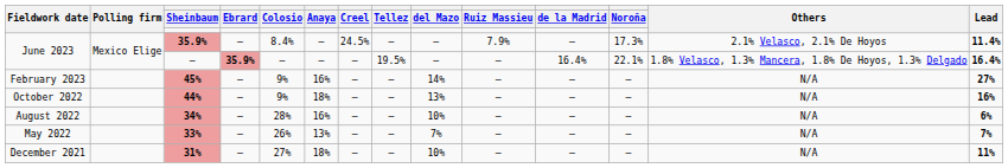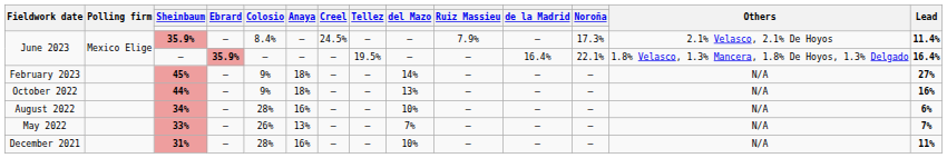 <table class="wikitable" style="text-align:center;font-size:90%;line-height:17px">
 <tr>
 <th rowspan="3">Fieldwork date</th>
 <th rowspan="3">Polling firm</th>
 <th></th>
 <th></th>
 <th></th>
 <th></th>
 <th></th>
 <th></th>
 <th></th>
 <th></th>
 <th></th>
 <th></th>
 <th rowspan="3">Others</th>
 <th rowspan="3">Lead</th>
 </tr>
 <tr>
 <th><a href='#'>Sheinbaum</a><br></th>
 <th><a href='#'>Ebrard</a><br></th>
 <th><a href='#'>Colosio</a><br></th>
 <th><a href='#'>Anaya</a><br></th>
 <th><a href='#'>Creel</a><br></th>
 <th><a href='#'>Tellez</a><br></th>
 <th><a href='#'>del Mazo</a><br></th>
 <th><a href='#'>Ruiz Massieu</a><br></th>
 <th><a href='#'>de la Madrid</a><br></th>
 <th><a href='#'>Noroña</a><br></th>
 </tr>
 <tr>
 <td style="background:"></td>
 <td style="background:"></td>
 <td style="background:"></td>
 <td style="background:"></td>
 <td style="background:"></td>
 <td style="background:"></td>
 <td style="background:"></td>
 <td style="background:"></td>
 <td style="background:"></td>
 <td style="background:"></td>
 </tr>
 <tr>
 <td rowspan="2">June 2023</td>
 <td rowspan="2">Mexico Elige</td>
 <td bgcolor="#ee9e9e"><strong>35.9%</strong></td>
 <td>–</td>
 <td>8.4%</td>
 <td>–</td>
 <td>24.5%</td>
 <td>–</td>
 <td>–</td>
 <td>7.9%</td>
 <td>–</td>
 <td>17.3%</td>
 <td>2.1% <a href='#'>Velasco</a>, 2.1% De Hoyos</td>
 <td style="background:"><span><strong>11.4%</strong></span></td>
 </tr>
 <tr>
 <td>–</td>
 <td bgcolor="#ee9e9e"><strong>35.9%</strong></td>
 <td>–</td>
 <td>–</td>
 <td>–</td>
 <td>19.5%</td>
 <td>–</td>
 <td>–</td>
 <td>16.4%</td>
 <td>22.1%</td>
 <td>1.8% <a href='#'>Velasco</a>, 1.3% <a href='#'>Mancera</a>, 1.8% De Hoyos, 1.3% <a href='#'>Delgado</a></td>
 <td style="background:"><span><strong>16.4%</strong></span></td>
 </tr>
 <tr>
 <td>February 2023</td>
 <td></td>
 <td bgcolor="#ee9e9e"><strong>45%</strong></td>
 <td>–</td>
 <td>9%</td>
-<td>16%</td>
+<td>18%</td>
 <td>–</td>
 <td>–</td>
 <td>14%</td>
 <td>–</td>
 <td>–</td>
 <td>–</td>
 <td>N/A</td>
 <td style="background:"><span><strong>27%</strong></span></td>
 </tr>
 <tr>
 <td>October 2022</td>
 <td></td>
 <td bgcolor="#ee9e9e"><strong>44%</strong></td>
 <td>–</td>
 <td>9%</td>
 <td>18%</td>
 <td>–</td>
 <td>–</td>
 <td>13%</td>
 <td>–</td>
 <td>–</td>
 <td>–</td>
 <td>N/A</td>
 <td style="background:"><span><strong>16%</strong></span></td>
 </tr>
 <tr>
 <td>August 2022</td>
 <td></td>
 <td bgcolor="#ee9e9e"><strong>34%</strong></td>
 <td>–</td>
 <td>28%</td>
 <td>16%</td>
 <td>–</td>
 <td>–</td>
 <td>10%</td>
 <td>–</td>
 <td>–</td>
 <td>–</td>
 <td>N/A</td>
 <td style="background:"><span><strong>6%</strong></span></td>
 </tr>
 <tr>
 <td>May 2022</td>
 <td></td>
 <td bgcolor="#ee9e9e"><strong>33%</strong></td>
 <td>–</td>
 <td>26%</td>
 <td>13%</td>
 <td>–</td>
 <td>–</td>
 <td>7%</td>
 <td>–</td>
 <td>–</td>
 <td>–</td>
 <td>N/A</td>
 <td style="background:"><span><strong>7%</strong></span></td>
 </tr>
 <tr>
 <td>December 2021</td>
 <td></td>
 <td bgcolor="#ee9e9e"><strong>31%</strong></td>
 <td>–</td>
-<td>27%</td>
-<td>18%</td>
+<td>28%</td>
+<td>16%</td>
 <td>–</td>
 <td>–</td>
 <td>10%</td>
 <td>–</td>
 <td>–</td>
 <td>–</td>
 <td>N/A</td>
 <td style="background:"><span><strong>11%</strong></span></td>
 </tr>
 </table>
